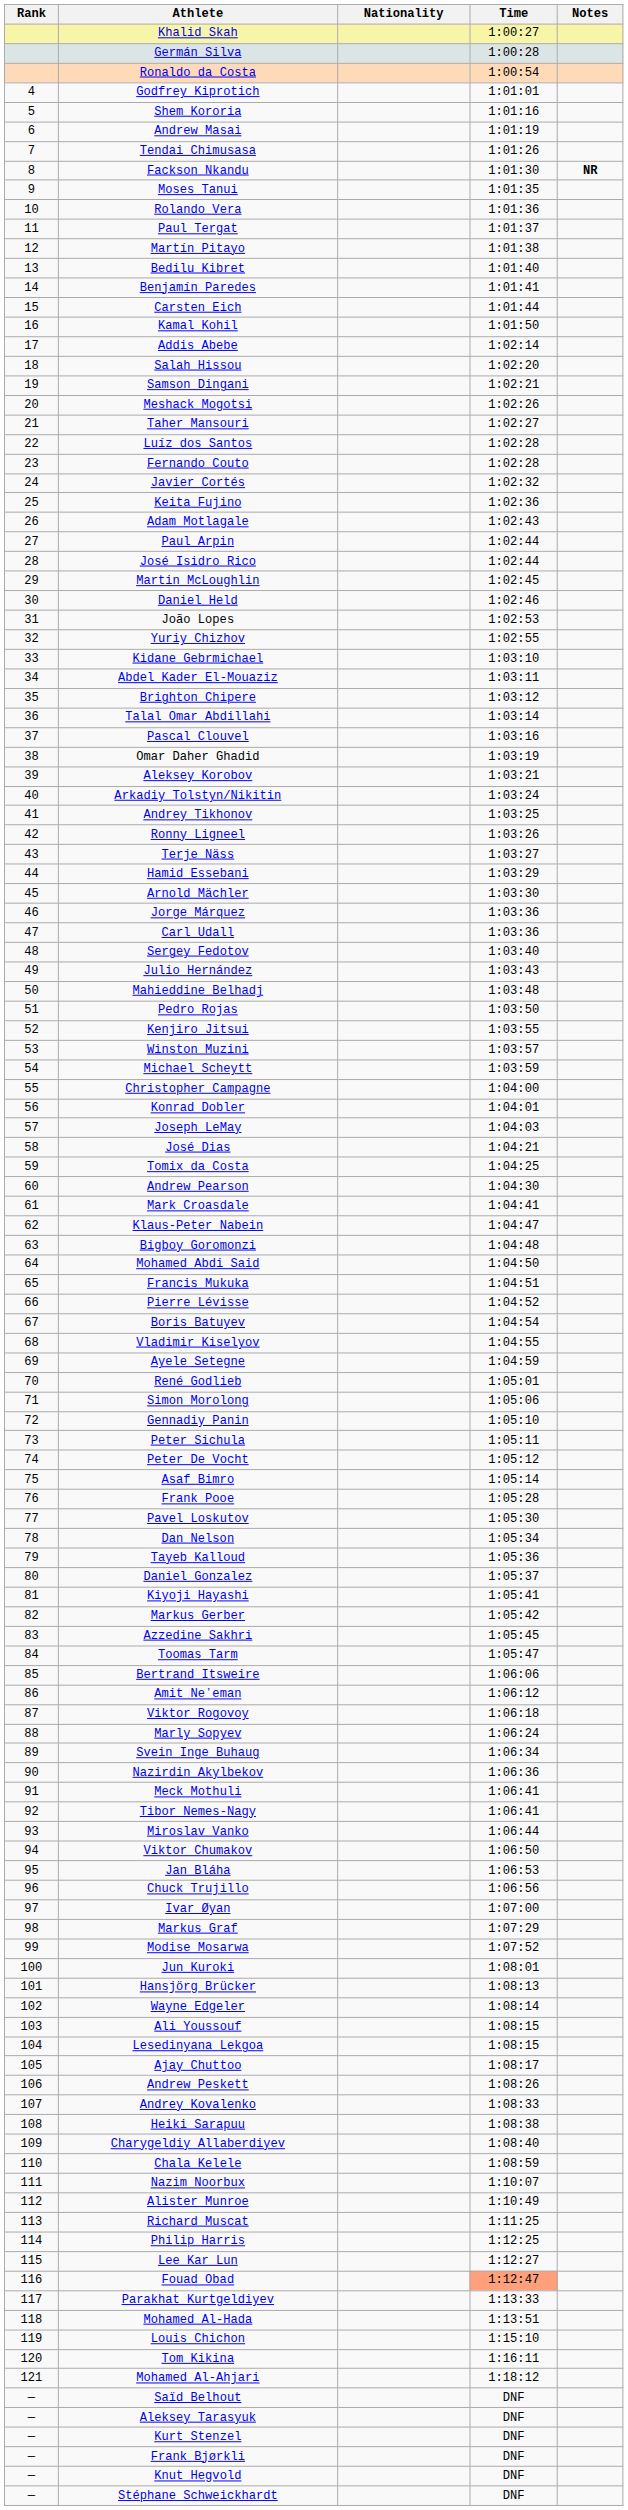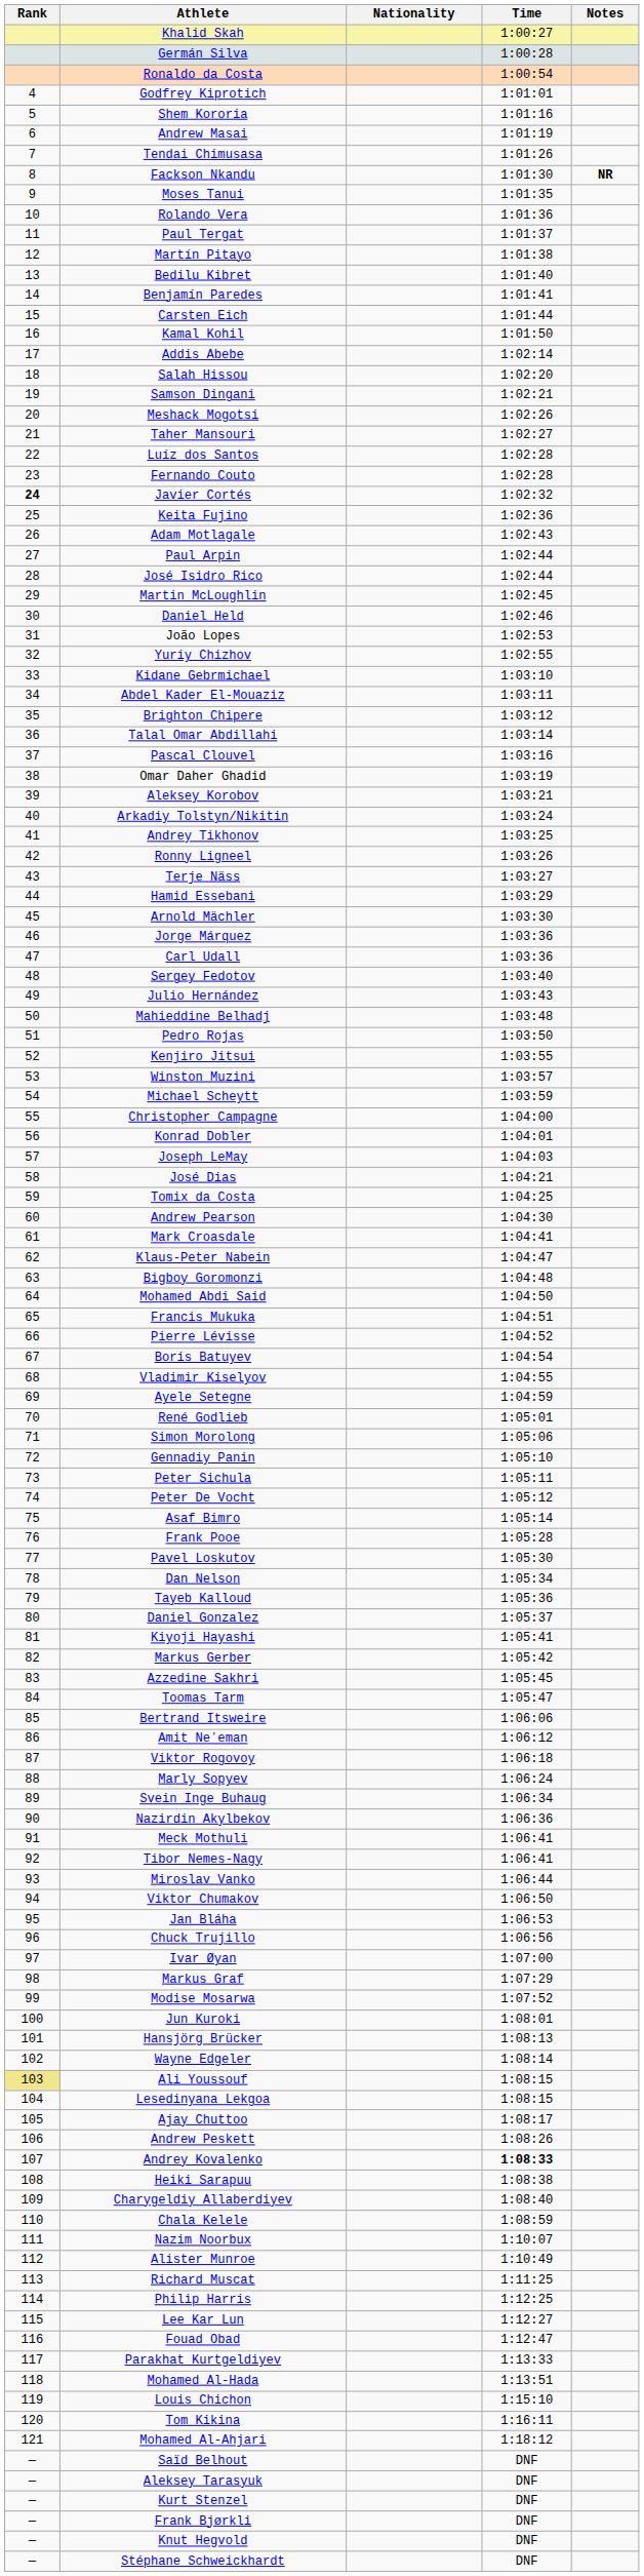 <table class="wikitable sortable" style=" text-align:center; font-size:95%;" width="50%">
 <tr>
 <th>Rank</th>
 <th>Athlete</th>
 <th>Nationality</th>
 <th>Time</th>
 <th>Notes</th>
 </tr>
 <tr bgcolor="#F7F6A8">
 <td align=center></td>
 <td><a href='#'>Khalid Skah</a></td>
 <td></td>
 <td>1:00:27</td>
 <td></td>
 </tr>
 <tr bgcolor="#DCE5E5">
 <td align=center></td>
 <td><a href='#'>Germán Silva</a></td>
 <td></td>
 <td>1:00:28</td>
 <td></td>
 </tr>
 <tr bgcolor="#FFDAB9">
 <td align=center></td>
 <td><a href='#'>Ronaldo da Costa</a></td>
 <td></td>
 <td>1:00:54</td>
 <td></td>
 </tr>
 <tr>
 <td align=center>4</td>
 <td><a href='#'>Godfrey Kiprotich</a></td>
 <td></td>
 <td>1:01:01</td>
 <td></td>
 </tr>
 <tr>
 <td align=center>5</td>
 <td><a href='#'>Shem Kororia</a></td>
 <td></td>
 <td>1:01:16</td>
 <td></td>
 </tr>
 <tr>
 <td align=center>6</td>
 <td><a href='#'>Andrew Masai</a></td>
 <td></td>
 <td>1:01:19</td>
 <td></td>
 </tr>
 <tr>
 <td align=center>7</td>
 <td><a href='#'>Tendai Chimusasa</a></td>
 <td></td>
 <td>1:01:26</td>
 <td></td>
 </tr>
 <tr>
 <td align=center>8</td>
 <td><a href='#'>Fackson Nkandu</a></td>
 <td></td>
 <td>1:01:30</td>
 <td><strong>NR</strong></td>
 </tr>
 <tr>
 <td align=center>9</td>
 <td><a href='#'>Moses Tanui</a></td>
 <td></td>
 <td>1:01:35</td>
 <td></td>
 </tr>
 <tr>
 <td align=center>10</td>
 <td><a href='#'>Rolando Vera</a></td>
 <td></td>
 <td>1:01:36</td>
 <td></td>
 </tr>
 <tr>
 <td align=center>11</td>
 <td><a href='#'>Paul Tergat</a></td>
 <td></td>
 <td>1:01:37</td>
 <td></td>
 </tr>
 <tr>
 <td align=center>12</td>
 <td><a href='#'>Martín Pitayo</a></td>
 <td></td>
 <td>1:01:38</td>
 <td></td>
 </tr>
 <tr>
 <td align=center>13</td>
 <td><a href='#'>Bedilu Kibret</a></td>
 <td></td>
 <td>1:01:40</td>
 <td></td>
 </tr>
 <tr>
 <td align=center>14</td>
 <td><a href='#'>Benjamín Paredes</a></td>
 <td></td>
 <td>1:01:41</td>
 <td></td>
 </tr>
 <tr>
 <td align=center>15</td>
 <td><a href='#'>Carsten Eich</a></td>
 <td></td>
 <td>1:01:44</td>
 <td></td>
 </tr>
 <tr>
 <td align=center>16</td>
 <td><a href='#'>Kamal Kohil</a></td>
 <td></td>
 <td>1:01:50</td>
 <td></td>
 </tr>
 <tr>
 <td align=center>17</td>
 <td><a href='#'>Addis Abebe</a></td>
 <td></td>
 <td>1:02:14</td>
 <td></td>
 </tr>
 <tr>
 <td align=center>18</td>
 <td><a href='#'>Salah Hissou</a></td>
 <td></td>
 <td>1:02:20</td>
 <td></td>
 </tr>
 <tr>
 <td align=center>19</td>
 <td><a href='#'>Samson Dingani</a></td>
 <td></td>
 <td>1:02:21</td>
 <td></td>
 </tr>
 <tr>
 <td align=center>20</td>
 <td><a href='#'>Meshack Mogotsi</a></td>
 <td></td>
 <td>1:02:26</td>
 <td></td>
 </tr>
 <tr>
 <td align=center>21</td>
 <td><a href='#'>Taher Mansouri</a></td>
 <td></td>
 <td>1:02:27</td>
 <td></td>
 </tr>
 <tr>
 <td align=center>22</td>
 <td><a href='#'>Luíz dos Santos</a></td>
 <td></td>
 <td>1:02:28</td>
 <td></td>
 </tr>
 <tr>
 <td align=center>23</td>
 <td><a href='#'>Fernando Couto</a></td>
 <td></td>
 <td>1:02:28</td>
 <td></td>
 </tr>
 <tr>
-<td align=center>24</td>
+<td align=center><strong>24</strong></td>
 <td><a href='#'>Javier Cortés</a></td>
 <td></td>
 <td>1:02:32</td>
 <td></td>
 </tr>
 <tr>
 <td align=center>25</td>
 <td><a href='#'>Keita Fujino</a></td>
 <td></td>
 <td>1:02:36</td>
 <td></td>
 </tr>
 <tr>
 <td align=center>26</td>
 <td><a href='#'>Adam Motlagale</a></td>
 <td></td>
 <td>1:02:43</td>
 <td></td>
 </tr>
 <tr>
 <td align=center>27</td>
 <td><a href='#'>Paul Arpin</a></td>
 <td></td>
 <td>1:02:44</td>
 <td></td>
 </tr>
 <tr>
 <td align=center>28</td>
 <td><a href='#'>José Isidro Rico</a></td>
 <td></td>
 <td>1:02:44</td>
 <td></td>
 </tr>
 <tr>
 <td align=center>29</td>
 <td><a href='#'>Martin McLoughlin</a></td>
 <td></td>
 <td>1:02:45</td>
 <td></td>
 </tr>
 <tr>
 <td align=center>30</td>
 <td><a href='#'>Daniel Held</a></td>
 <td></td>
 <td>1:02:46</td>
 <td></td>
 </tr>
 <tr>
 <td align=center>31</td>
 <td>João Lopes</td>
 <td></td>
 <td>1:02:53</td>
 <td></td>
 </tr>
 <tr>
 <td align=center>32</td>
 <td><a href='#'>Yuriy Chizhov</a></td>
 <td></td>
 <td>1:02:55</td>
 <td></td>
 </tr>
 <tr>
 <td align=center>33</td>
 <td><a href='#'>Kidane Gebrmichael</a></td>
 <td></td>
 <td>1:03:10</td>
 <td></td>
 </tr>
 <tr>
 <td align=center>34</td>
 <td><a href='#'>Abdel Kader El-Mouaziz</a></td>
 <td></td>
 <td>1:03:11</td>
 <td></td>
 </tr>
 <tr>
 <td align=center>35</td>
 <td><a href='#'>Brighton Chipere</a></td>
 <td></td>
 <td>1:03:12</td>
 <td></td>
 </tr>
 <tr>
 <td align=center>36</td>
 <td><a href='#'>Talal Omar Abdillahi</a></td>
 <td></td>
 <td>1:03:14</td>
 <td></td>
 </tr>
 <tr>
 <td align=center>37</td>
 <td><a href='#'>Pascal Clouvel</a></td>
 <td></td>
 <td>1:03:16</td>
 <td></td>
 </tr>
 <tr>
 <td align=center>38</td>
 <td>Omar Daher Ghadid</td>
 <td></td>
 <td>1:03:19</td>
 <td></td>
 </tr>
 <tr>
 <td align=center>39</td>
 <td><a href='#'>Aleksey Korobov</a></td>
 <td></td>
 <td>1:03:21</td>
 <td></td>
 </tr>
 <tr>
 <td align=center>40</td>
 <td><a href='#'>Arkadiy Tolstyn/Nikitin</a></td>
 <td></td>
 <td>1:03:24</td>
 <td></td>
 </tr>
 <tr>
 <td align=center>41</td>
 <td><a href='#'>Andrey Tikhonov</a></td>
 <td></td>
 <td>1:03:25</td>
 <td></td>
 </tr>
 <tr>
 <td align=center>42</td>
 <td><a href='#'>Ronny Ligneel</a></td>
 <td></td>
 <td>1:03:26</td>
 <td></td>
 </tr>
 <tr>
 <td align=center>43</td>
 <td><a href='#'>Terje Näss</a></td>
 <td></td>
 <td>1:03:27</td>
 <td></td>
 </tr>
 <tr>
 <td align=center>44</td>
 <td><a href='#'>Hamid Essebani</a></td>
 <td></td>
 <td>1:03:29</td>
 <td></td>
 </tr>
 <tr>
 <td align=center>45</td>
 <td><a href='#'>Arnold Mächler</a></td>
 <td></td>
 <td>1:03:30</td>
 <td></td>
 </tr>
 <tr>
 <td align=center>46</td>
 <td><a href='#'>Jorge Márquez</a></td>
 <td></td>
 <td>1:03:36</td>
 <td></td>
 </tr>
 <tr>
 <td align=center>47</td>
 <td><a href='#'>Carl Udall</a></td>
 <td></td>
 <td>1:03:36</td>
 <td></td>
 </tr>
 <tr>
 <td align=center>48</td>
 <td><a href='#'>Sergey Fedotov</a></td>
 <td></td>
 <td>1:03:40</td>
 <td></td>
 </tr>
 <tr>
 <td align=center>49</td>
 <td><a href='#'>Julio Hernández</a></td>
 <td></td>
 <td>1:03:43</td>
 <td></td>
 </tr>
 <tr>
 <td align=center>50</td>
 <td><a href='#'>Mahieddine Belhadj</a></td>
 <td></td>
 <td>1:03:48</td>
 <td></td>
 </tr>
 <tr>
 <td align=center>51</td>
 <td><a href='#'>Pedro Rojas</a></td>
 <td></td>
 <td>1:03:50</td>
 <td></td>
 </tr>
 <tr>
 <td align=center>52</td>
 <td><a href='#'>Kenjiro Jitsui</a></td>
 <td></td>
 <td>1:03:55</td>
 <td></td>
 </tr>
 <tr>
 <td align=center>53</td>
 <td><a href='#'>Winston Muzini</a></td>
 <td></td>
 <td>1:03:57</td>
 <td></td>
 </tr>
 <tr>
 <td align=center>54</td>
 <td><a href='#'>Michael Scheytt</a></td>
 <td></td>
 <td>1:03:59</td>
 <td></td>
 </tr>
 <tr>
 <td align=center>55</td>
 <td><a href='#'>Christopher Campagne</a></td>
 <td></td>
 <td>1:04:00</td>
 <td></td>
 </tr>
 <tr>
 <td align=center>56</td>
 <td><a href='#'>Konrad Dobler</a></td>
 <td></td>
 <td>1:04:01</td>
 <td></td>
 </tr>
 <tr>
 <td align=center>57</td>
 <td><a href='#'>Joseph LeMay</a></td>
 <td></td>
 <td>1:04:03</td>
 <td></td>
 </tr>
 <tr>
 <td align=center>58</td>
 <td><a href='#'>José Dias</a></td>
 <td></td>
 <td>1:04:21</td>
 <td></td>
 </tr>
 <tr>
 <td align=center>59</td>
 <td><a href='#'>Tomix da Costa</a></td>
 <td></td>
 <td>1:04:25</td>
 <td></td>
 </tr>
 <tr>
 <td align=center>60</td>
 <td><a href='#'>Andrew Pearson</a></td>
 <td></td>
 <td>1:04:30</td>
 <td></td>
 </tr>
 <tr>
 <td align=center>61</td>
 <td><a href='#'>Mark Croasdale</a></td>
 <td></td>
 <td>1:04:41</td>
 <td></td>
 </tr>
 <tr>
 <td align=center>62</td>
 <td><a href='#'>Klaus-Peter Nabein</a></td>
 <td></td>
 <td>1:04:47</td>
 <td></td>
 </tr>
 <tr>
 <td align=center>63</td>
 <td><a href='#'>Bigboy Goromonzi</a></td>
 <td></td>
 <td>1:04:48</td>
 <td></td>
 </tr>
 <tr>
 <td align=center>64</td>
 <td><a href='#'>Mohamed Abdi Said</a></td>
 <td></td>
 <td>1:04:50</td>
 <td></td>
 </tr>
 <tr>
 <td align=center>65</td>
 <td><a href='#'>Francis Mukuka</a></td>
 <td></td>
 <td>1:04:51</td>
 <td></td>
 </tr>
 <tr>
 <td align=center>66</td>
 <td><a href='#'>Pierre Lévisse</a></td>
 <td></td>
 <td>1:04:52</td>
 <td></td>
 </tr>
 <tr>
 <td align=center>67</td>
 <td><a href='#'>Boris Batuyev</a></td>
 <td></td>
 <td>1:04:54</td>
 <td></td>
 </tr>
 <tr>
 <td align=center>68</td>
 <td><a href='#'>Vladimir Kiselyov</a></td>
 <td></td>
 <td>1:04:55</td>
 <td></td>
 </tr>
 <tr>
 <td align=center>69</td>
 <td><a href='#'>Ayele Setegne</a></td>
 <td></td>
 <td>1:04:59</td>
 <td></td>
 </tr>
 <tr>
 <td align=center>70</td>
 <td><a href='#'>René Godlieb</a></td>
 <td></td>
 <td>1:05:01</td>
 <td></td>
 </tr>
 <tr>
 <td align=center>71</td>
 <td><a href='#'>Simon Morolong</a></td>
 <td></td>
 <td>1:05:06</td>
 <td></td>
 </tr>
 <tr>
 <td align=center>72</td>
 <td><a href='#'>Gennadiy Panin</a></td>
 <td></td>
 <td>1:05:10</td>
 <td></td>
 </tr>
 <tr>
 <td align=center>73</td>
 <td><a href='#'>Peter Sichula</a></td>
 <td></td>
 <td>1:05:11</td>
 <td></td>
 </tr>
 <tr>
 <td align=center>74</td>
 <td><a href='#'>Peter De Vocht</a></td>
 <td></td>
 <td>1:05:12</td>
 <td></td>
 </tr>
 <tr>
 <td align=center>75</td>
 <td><a href='#'>Asaf Bimro</a></td>
 <td></td>
 <td>1:05:14</td>
 <td></td>
 </tr>
 <tr>
 <td align=center>76</td>
 <td><a href='#'>Frank Pooe</a></td>
 <td></td>
 <td>1:05:28</td>
 <td></td>
 </tr>
 <tr>
 <td align=center>77</td>
 <td><a href='#'>Pavel Loskutov</a></td>
 <td></td>
 <td>1:05:30</td>
 <td></td>
 </tr>
 <tr>
 <td align=center>78</td>
 <td><a href='#'>Dan Nelson</a></td>
 <td></td>
 <td>1:05:34</td>
 <td></td>
 </tr>
 <tr>
 <td align=center>79</td>
 <td><a href='#'>Tayeb Kalloud</a></td>
 <td></td>
 <td>1:05:36</td>
 <td></td>
 </tr>
 <tr>
 <td align=center>80</td>
 <td><a href='#'>Daniel Gonzalez</a></td>
 <td></td>
 <td>1:05:37</td>
 <td></td>
 </tr>
 <tr>
 <td align=center>81</td>
 <td><a href='#'>Kiyoji Hayashi</a></td>
 <td></td>
 <td>1:05:41</td>
 <td></td>
 </tr>
 <tr>
 <td align=center>82</td>
 <td><a href='#'>Markus Gerber</a></td>
 <td></td>
 <td>1:05:42</td>
 <td></td>
 </tr>
 <tr>
 <td align=center>83</td>
 <td><a href='#'>Azzedine Sakhri</a></td>
 <td></td>
 <td>1:05:45</td>
 <td></td>
 </tr>
 <tr>
 <td align=center>84</td>
 <td><a href='#'>Toomas Tarm</a></td>
 <td></td>
 <td>1:05:47</td>
 <td></td>
 </tr>
 <tr>
 <td align=center>85</td>
 <td><a href='#'>Bertrand Itsweire</a></td>
 <td></td>
 <td>1:06:06</td>
 <td></td>
 </tr>
 <tr>
 <td align=center>86</td>
 <td><a href='#'>Amit Neʼeman</a></td>
 <td></td>
 <td>1:06:12</td>
 <td></td>
 </tr>
 <tr>
 <td align=center>87</td>
 <td><a href='#'>Viktor Rogovoy</a></td>
 <td></td>
 <td>1:06:18</td>
 <td></td>
 </tr>
 <tr>
 <td align=center>88</td>
 <td><a href='#'>Marly Sopyev</a></td>
 <td></td>
 <td>1:06:24</td>
 <td></td>
 </tr>
 <tr>
 <td align=center>89</td>
 <td><a href='#'>Svein Inge Buhaug</a></td>
 <td></td>
 <td>1:06:34</td>
 <td></td>
 </tr>
 <tr>
 <td align=center>90</td>
 <td><a href='#'>Nazirdin Akylbekov</a></td>
 <td></td>
 <td>1:06:36</td>
 <td></td>
 </tr>
 <tr>
 <td align=center>91</td>
 <td><a href='#'>Meck Mothuli</a></td>
 <td></td>
 <td>1:06:41</td>
 <td></td>
 </tr>
 <tr>
 <td align=center>92</td>
 <td><a href='#'>Tibor Nemes-Nagy</a></td>
 <td></td>
 <td>1:06:41</td>
 <td></td>
 </tr>
 <tr>
 <td align=center>93</td>
 <td><a href='#'>Miroslav Vanko</a></td>
 <td></td>
 <td>1:06:44</td>
 <td></td>
 </tr>
 <tr>
 <td align=center>94</td>
 <td><a href='#'>Viktor Chumakov</a></td>
 <td></td>
 <td>1:06:50</td>
 <td></td>
 </tr>
 <tr>
 <td align=center>95</td>
 <td><a href='#'>Jan Bláha</a></td>
 <td></td>
 <td>1:06:53</td>
 <td></td>
 </tr>
 <tr>
 <td align=center>96</td>
 <td><a href='#'>Chuck Trujillo</a></td>
 <td></td>
 <td>1:06:56</td>
 <td></td>
 </tr>
 <tr>
 <td align=center>97</td>
 <td><a href='#'>Ivar Øyan</a></td>
 <td></td>
 <td>1:07:00</td>
 <td></td>
 </tr>
 <tr>
 <td align=center>98</td>
 <td><a href='#'>Markus Graf</a></td>
 <td></td>
 <td>1:07:29</td>
 <td></td>
 </tr>
 <tr>
 <td align=center>99</td>
 <td><a href='#'>Modise Mosarwa</a></td>
 <td></td>
 <td>1:07:52</td>
 <td></td>
 </tr>
 <tr>
 <td align=center>100</td>
 <td><a href='#'>Jun Kuroki</a></td>
 <td></td>
 <td>1:08:01</td>
 <td></td>
 </tr>
 <tr>
 <td align=center>101</td>
 <td><a href='#'>Hansjörg Brücker</a></td>
 <td></td>
 <td>1:08:13</td>
 <td></td>
 </tr>
 <tr>
 <td align=center>102</td>
 <td><a href='#'>Wayne Edgeler</a></td>
 <td></td>
 <td>1:08:14</td>
 <td></td>
 </tr>
 <tr>
-<td align=center>103</td>
+<td align=center style="background: khaki;">103</td>
 <td><a href='#'>Ali Youssouf</a></td>
 <td></td>
 <td>1:08:15</td>
 <td></td>
 </tr>
 <tr>
 <td align=center>104</td>
 <td><a href='#'>Lesedinyana Lekgoa</a></td>
 <td></td>
 <td>1:08:15</td>
 <td></td>
 </tr>
 <tr>
 <td align=center>105</td>
 <td><a href='#'>Ajay Chuttoo</a></td>
 <td></td>
 <td>1:08:17</td>
 <td></td>
 </tr>
 <tr>
 <td align=center>106</td>
 <td><a href='#'>Andrew Peskett</a></td>
 <td></td>
 <td>1:08:26</td>
 <td></td>
 </tr>
 <tr>
 <td align=center>107</td>
 <td><a href='#'>Andrey Kovalenko</a></td>
 <td></td>
-<td>1:08:33</td>
+<td><strong>1:08:33</strong></td>
 <td></td>
 </tr>
 <tr>
 <td align=center>108</td>
 <td><a href='#'>Heiki Sarapuu</a></td>
 <td></td>
 <td>1:08:38</td>
 <td></td>
 </tr>
 <tr>
 <td align=center>109</td>
 <td><a href='#'>Charygeldiy Allaberdiyev</a></td>
 <td></td>
 <td>1:08:40</td>
 <td></td>
 </tr>
 <tr>
 <td align=center>110</td>
 <td><a href='#'>Chala Kelele</a></td>
 <td></td>
 <td>1:08:59</td>
 <td></td>
 </tr>
 <tr>
 <td align=center>111</td>
 <td><a href='#'>Nazim Noorbux</a></td>
 <td></td>
 <td>1:10:07</td>
 <td></td>
 </tr>
 <tr>
 <td align=center>112</td>
 <td><a href='#'>Alister Munroe</a></td>
 <td></td>
 <td>1:10:49</td>
 <td></td>
 </tr>
 <tr>
 <td align=center>113</td>
 <td><a href='#'>Richard Muscat</a></td>
 <td></td>
 <td>1:11:25</td>
 <td></td>
 </tr>
 <tr>
 <td align=center>114</td>
 <td><a href='#'>Philip Harris</a></td>
 <td></td>
 <td>1:12:25</td>
 <td></td>
 </tr>
 <tr>
 <td align=center>115</td>
 <td><a href='#'>Lee Kar Lun</a></td>
 <td></td>
 <td>1:12:27</td>
 <td></td>
 </tr>
 <tr>
 <td align=center>116</td>
 <td><a href='#'>Fouad Obad</a></td>
 <td></td>
-<td style="background: lightsalmon;">1:12:47</td>
+<td>1:12:47</td>
 <td></td>
 </tr>
 <tr>
 <td align=center>117</td>
 <td><a href='#'>Parakhat Kurtgeldiyev</a></td>
 <td></td>
 <td>1:13:33</td>
 <td></td>
 </tr>
 <tr>
 <td align=center>118</td>
 <td><a href='#'>Mohamed Al-Hada</a></td>
 <td></td>
 <td>1:13:51</td>
 <td></td>
 </tr>
 <tr>
 <td align=center>119</td>
 <td><a href='#'>Louis Chichon</a></td>
 <td></td>
 <td>1:15:10</td>
 <td></td>
 </tr>
 <tr>
 <td align=center>120</td>
 <td><a href='#'>Tom Kikina</a></td>
 <td></td>
 <td>1:16:11</td>
 <td></td>
 </tr>
 <tr>
 <td align=center>121</td>
 <td><a href='#'>Mohamed Al-Ahjari</a></td>
 <td></td>
 <td>1:18:12</td>
 <td></td>
 </tr>
 <tr>
 <td align=center>—</td>
 <td><a href='#'>Saïd Belhout</a></td>
 <td></td>
 <td>DNF</td>
 <td></td>
 </tr>
 <tr>
 <td align=center>—</td>
 <td><a href='#'>Aleksey Tarasyuk</a></td>
 <td></td>
 <td>DNF</td>
 <td></td>
 </tr>
 <tr>
 <td align=center>—</td>
 <td><a href='#'>Kurt Stenzel</a></td>
 <td></td>
 <td>DNF</td>
 <td></td>
 </tr>
 <tr>
 <td align=center>—</td>
 <td><a href='#'>Frank Bjørkli</a></td>
 <td></td>
 <td>DNF</td>
 <td></td>
 </tr>
 <tr>
 <td align=center>—</td>
 <td><a href='#'>Knut Hegvold</a></td>
 <td></td>
 <td>DNF</td>
 <td></td>
 </tr>
 <tr>
 <td align=center>—</td>
 <td><a href='#'>Stéphane Schweickhardt</a></td>
 <td></td>
 <td>DNF</td>
 <td></td>
 </tr>
 </table>
